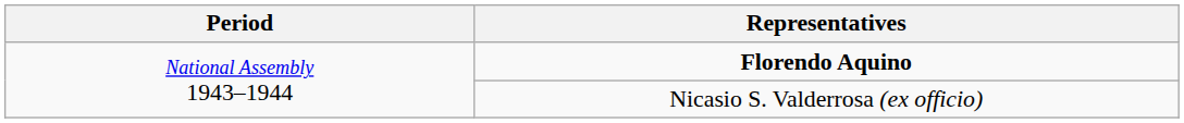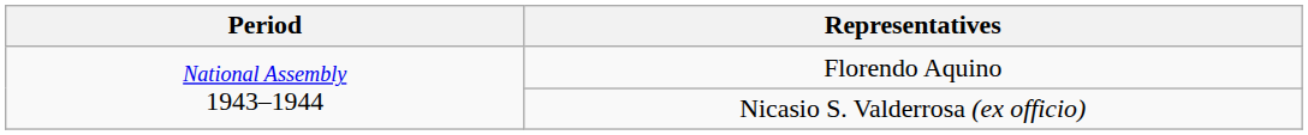 <table class="wikitable" style="text-align:center; width:40%;">
 <tr>
 <th width="40%">Period</th>
 <th>Representatives</th>
 </tr>
 <tr>
 <td rowspan="2"><small><a href='#'><em>National Assembly</em></a></small><br>1943–1944</td>
-<td><strong>Florendo Aquino</strong></td>
+<td>Florendo Aquino</td>
 </tr>
 <tr>
 <td>Nicasio S. Valderrosa <em>(ex officio)</em></td>
 </tr>
 </table>
